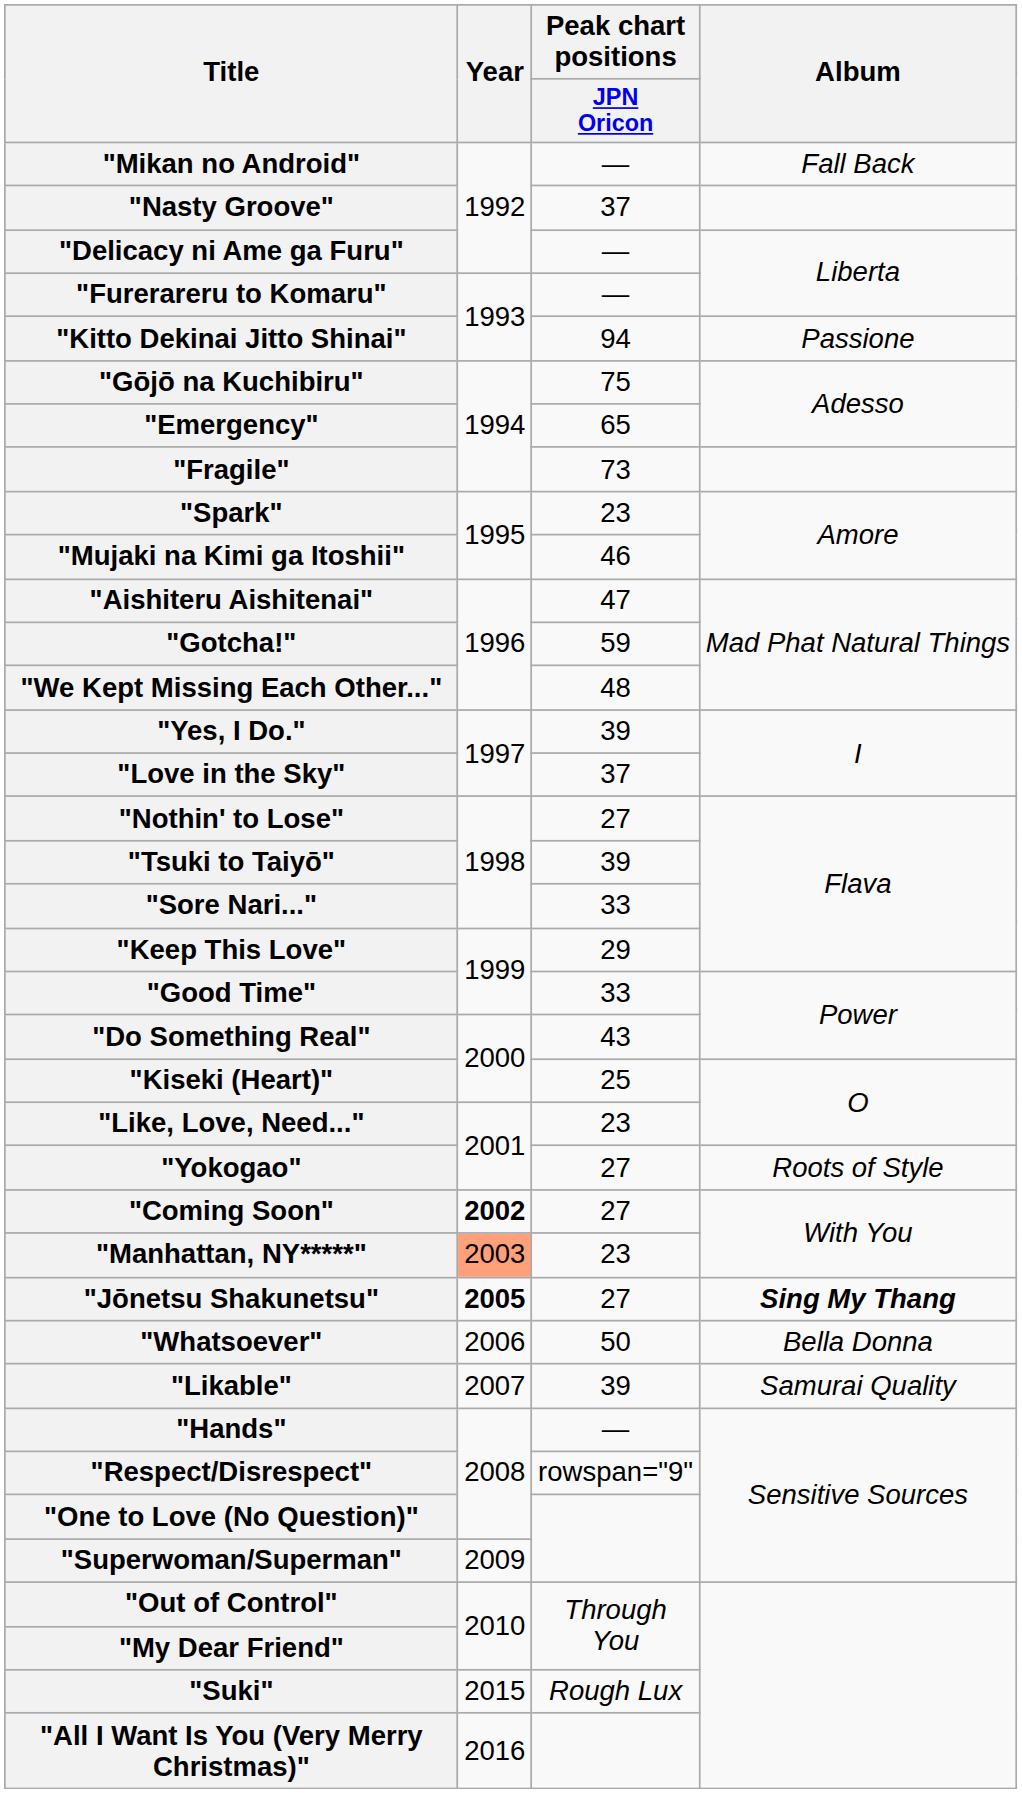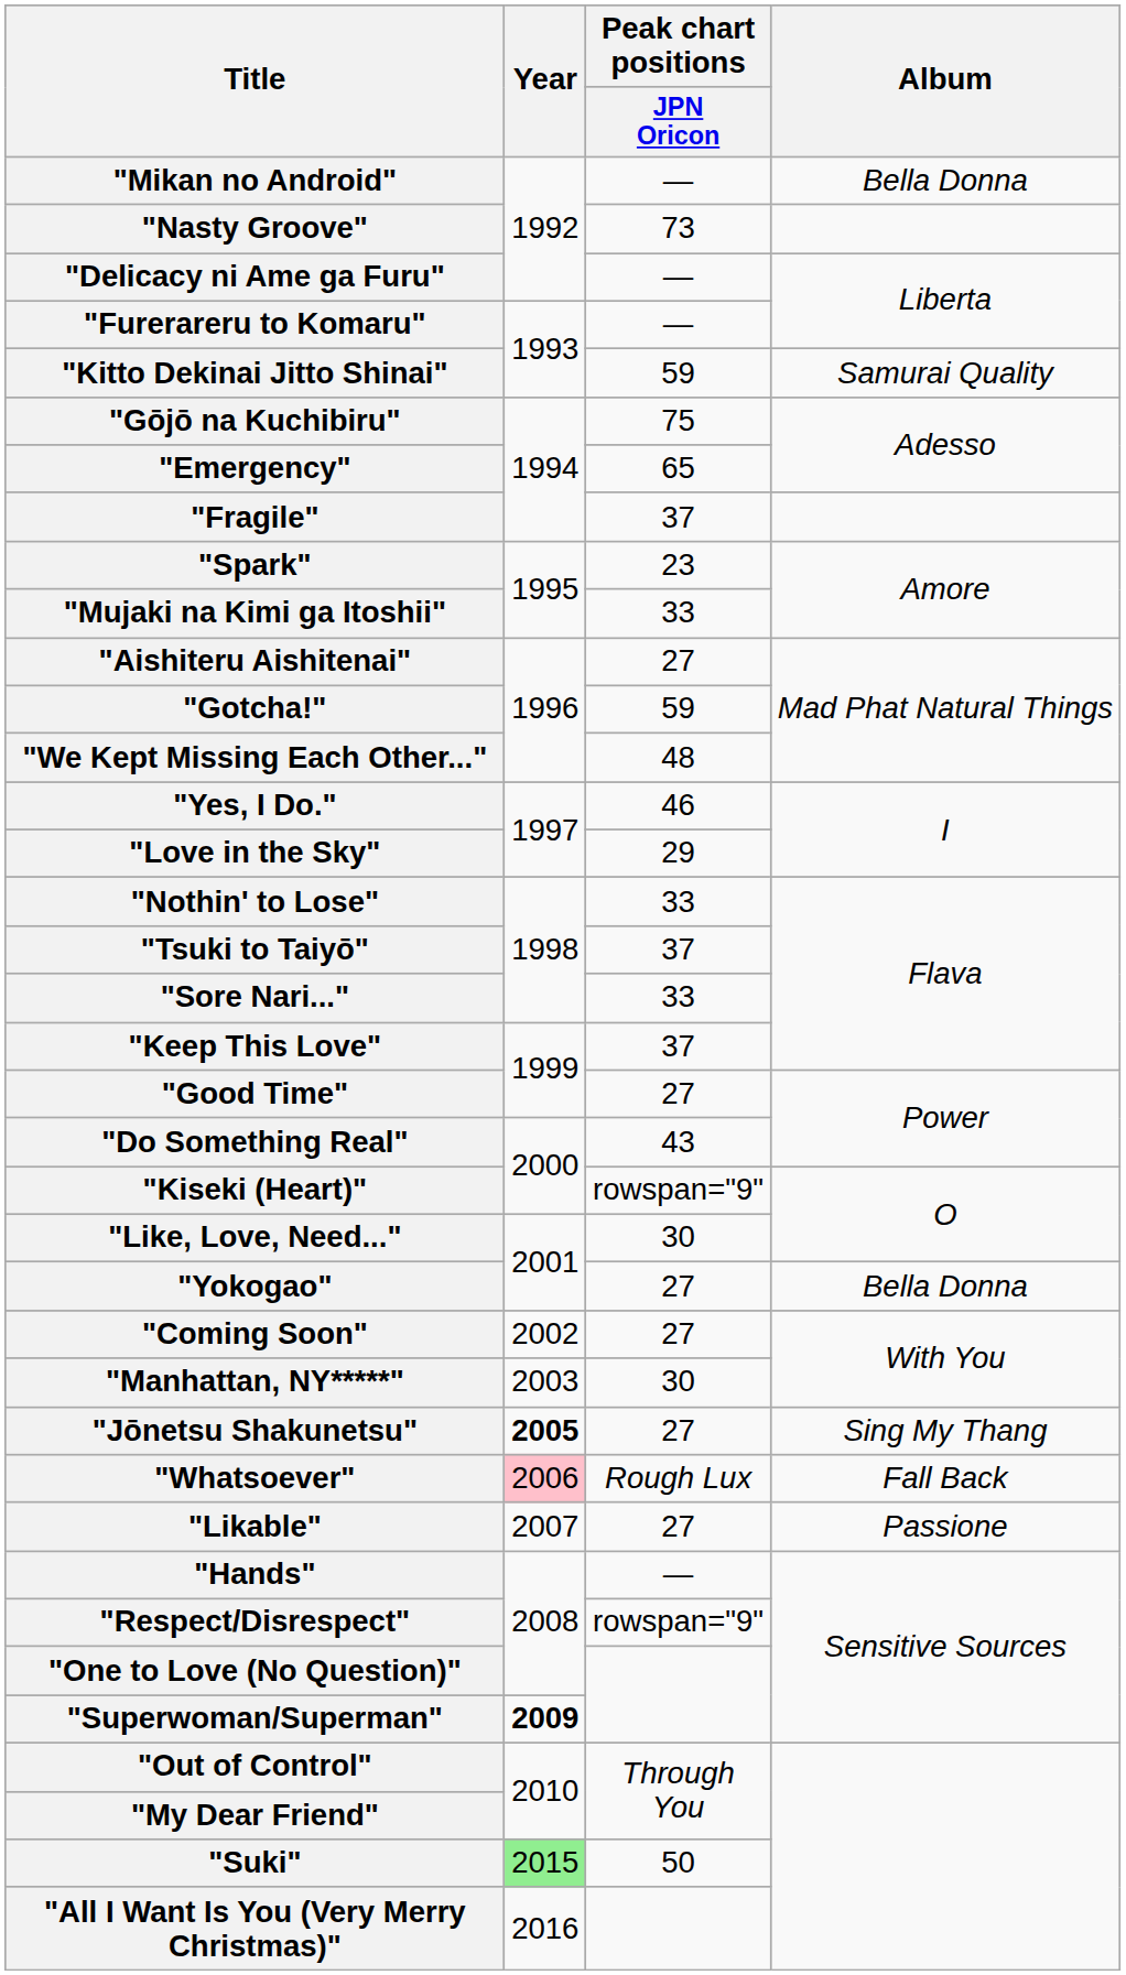 <table class="wikitable plainrowheaders" style="text-align:center;">
 <tr>
 <th scope="col" rowspan="2" style="width:16em;">Title</th>
 <th scope="col" rowspan="2">Year</th>
 <th scope="col" colspan="1">Peak chart positions</th>
 <th scope="col" rowspan="2">Album</th>
 </tr>
 <tr>
 <th style="width:3em;font-size:85%"><a href='#'>JPN<br>Oricon</a></th>
 </tr>
 <tr>
 <th scope="row">"Mikan no Android"</th>
 <td rowspan="3">1992</td>
 <td>—</td>
-<td><em>Fall Back</em></td>
+<td><em>Bella Donna</em></td>
 </tr>
 <tr>
 <th scope="row">"Nasty Groove"</th>
-<td>37</td>
+<td>73</td>
 <td></td>
 </tr>
 <tr>
 <th scope="row">"Delicacy ni Ame ga Furu"</th>
 <td>—</td>
 <td rowspan="2"><em>Liberta</em></td>
 </tr>
 <tr>
 <th scope="row">"Furerareru to Komaru"</th>
 <td rowspan="2">1993</td>
 <td>—</td>
 </tr>
 <tr>
 <th scope="row">"Kitto Dekinai Jitto Shinai"</th>
-<td>94</td>
-<td><em>Passione</em></td>
+<td>59</td>
+<td><em>Samurai Quality</em></td>
 </tr>
 <tr>
 <th scope="row">"Gōjō na Kuchibiru"</th>
 <td rowspan="3">1994</td>
 <td>75</td>
 <td rowspan="2"><em>Adesso</em></td>
 </tr>
 <tr>
 <th scope="row">"Emergency"</th>
 <td>65</td>
 </tr>
 <tr>
 <th scope="row">"Fragile"</th>
-<td>73</td>
+<td>37</td>
 <td></td>
 </tr>
 <tr>
 <th scope="row">"Spark"</th>
 <td rowspan="2">1995</td>
 <td>23</td>
 <td rowspan="2"><em>Amore</em></td>
 </tr>
 <tr>
 <th scope="row">"Mujaki na Kimi ga Itoshii"</th>
-<td>46</td>
+<td>33</td>
 </tr>
 <tr>
 <th scope="row">"Aishiteru Aishitenai"</th>
 <td rowspan="3">1996</td>
-<td>47</td>
+<td>27</td>
 <td rowspan="3"><em>Mad Phat Natural Things</em></td>
 </tr>
 <tr>
 <th scope="row">"Gotcha!"</th>
 <td>59</td>
 </tr>
 <tr>
 <th scope="row">"We Kept Missing Each Other..."</th>
 <td>48</td>
 </tr>
 <tr>
 <th scope="row">"Yes, I Do."<br></th>
 <td rowspan="2">1997</td>
-<td>39</td>
+<td>46</td>
 <td rowspan="2"><em>I</em></td>
 </tr>
 <tr>
 <th scope="row">"Love in the Sky"</th>
-<td>37</td>
+<td>29</td>
 </tr>
 <tr>
 <th scope="row">"Nothin' to Lose"</th>
 <td rowspan="3">1998</td>
-<td>27</td>
+<td>33</td>
 <td rowspan="4"><em>Flava</em></td>
 </tr>
 <tr>
 <th scope="row">"Tsuki to Taiyō"</th>
-<td>39</td>
+<td>37</td>
 </tr>
 <tr>
 <th scope="row">"Sore Nari..."</th>
 <td>33</td>
 </tr>
 <tr>
 <th scope="row">"Keep This Love"</th>
 <td rowspan="2">1999</td>
-<td>29</td>
+<td>37</td>
 </tr>
 <tr>
 <th scope="row">"Good Time"</th>
-<td>33</td>
+<td>27</td>
 <td rowspan="2"><em>Power</em></td>
 </tr>
 <tr>
 <th scope="row">"Do Something Real"</th>
 <td rowspan="2">2000</td>
 <td>43</td>
 </tr>
 <tr>
 <th scope="row">"Kiseki (Heart)"</th>
-<td>25</td>
+<td>rowspan="9" </td>
 <td rowspan="2"><em>O</em></td>
 </tr>
 <tr>
 <th scope="row">"Like, Love, Need..."</th>
 <td rowspan="2">2001</td>
-<td>23</td>
+<td>30</td>
 </tr>
 <tr>
 <th scope="row">"Yokogao"</th>
 <td>27</td>
-<td><em>Roots of Style</em></td>
+<td><em>Bella Donna</em></td>
 </tr>
 <tr>
 <th scope="row">"Coming Soon"</th>
-<td><strong>2002</strong></td>
+<td>2002</td>
 <td>27</td>
 <td rowspan="2"><em>With You</em></td>
 </tr>
 <tr>
 <th scope="row">"Manhattan, NY*****"</th>
-<td style="background: lightsalmon;">2003</td>
-<td>23</td>
+<td>2003</td>
+<td>30</td>
 </tr>
 <tr>
 <th scope="row">"Jōnetsu Shakunetsu"</th>
 <td><strong>2005</strong></td>
 <td>27</td>
-<td><strong><em>Sing My Thang</em></strong></td>
+<td><em>Sing My Thang</em></td>
 </tr>
 <tr>
 <th scope="row">"Whatsoever"</th>
-<td>2006</td>
-<td>50</td>
-<td><em>Bella Donna</em></td>
+<td style="background: pink;">2006</td>
+<td><em>Rough Lux</em></td>
+<td><em>Fall Back</em></td>
 </tr>
 <tr>
 <th scope="row">"Likable"</th>
 <td>2007</td>
-<td>39</td>
-<td><em>Samurai Quality</em></td>
+<td>27</td>
+<td><em>Passione</em></td>
 </tr>
 <tr>
 <th scope="row">"Hands"</th>
 <td rowspan="3">2008</td>
 <td>—</td>
 <td rowspan="4"><em>Sensitive Sources</em></td>
 </tr>
 <tr>
 <th scope="row">"Respect/Disrespect"</th>
 <td>rowspan="9" </td>
 </tr>
 <tr>
 <th scope="row">"One to Love (No Question)"</th>
 </tr>
 <tr>
 <th scope="row">"Superwoman/Superman"</th>
-<td>2009</td>
+<td><strong>2009</strong></td>
 </tr>
 <tr>
 <th scope="row">"Out of Control"</th>
 <td rowspan="2">2010</td>
 <td rowspan="2"><em>Through You</em></td>
 </tr>
 <tr>
 <th scope="row">"My Dear Friend"</th>
 </tr>
 <tr>
 <th scope="row">"Suki"</th>
-<td>2015</td>
-<td><em>Rough Lux</em></td>
+<td style="background: lightgreen;">2015</td>
+<td>50</td>
 </tr>
 <tr>
 <th scope="row">"All I Want Is You (Very Merry Christmas)"</th>
 <td>2016</td>
 <td></td>
 </tr>
 </table>
